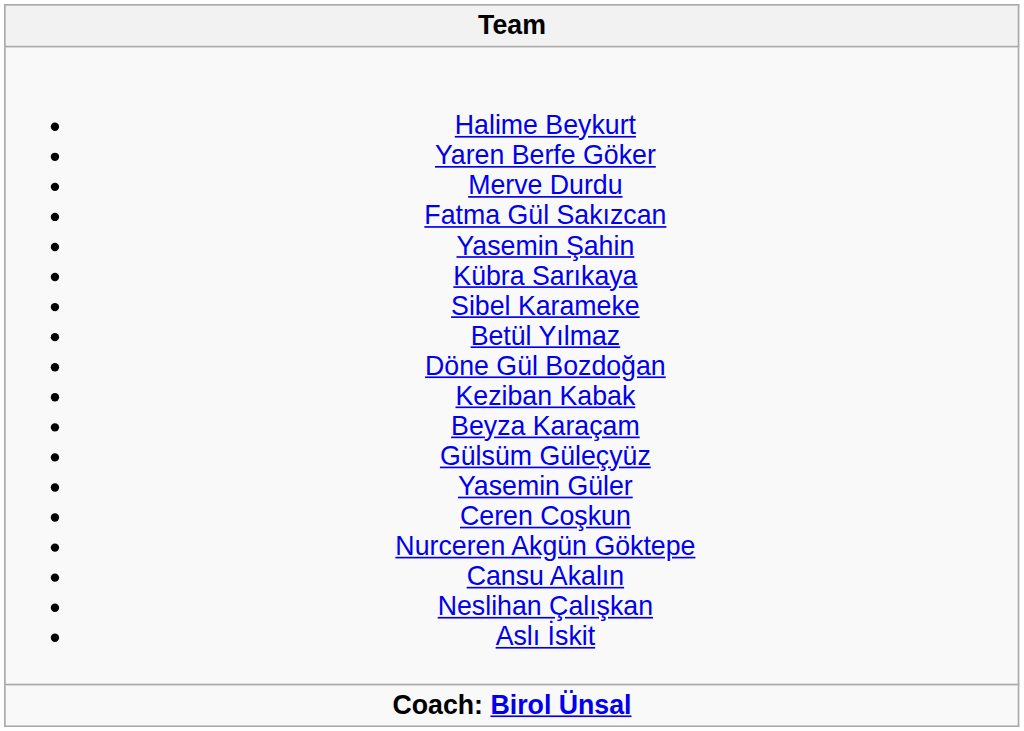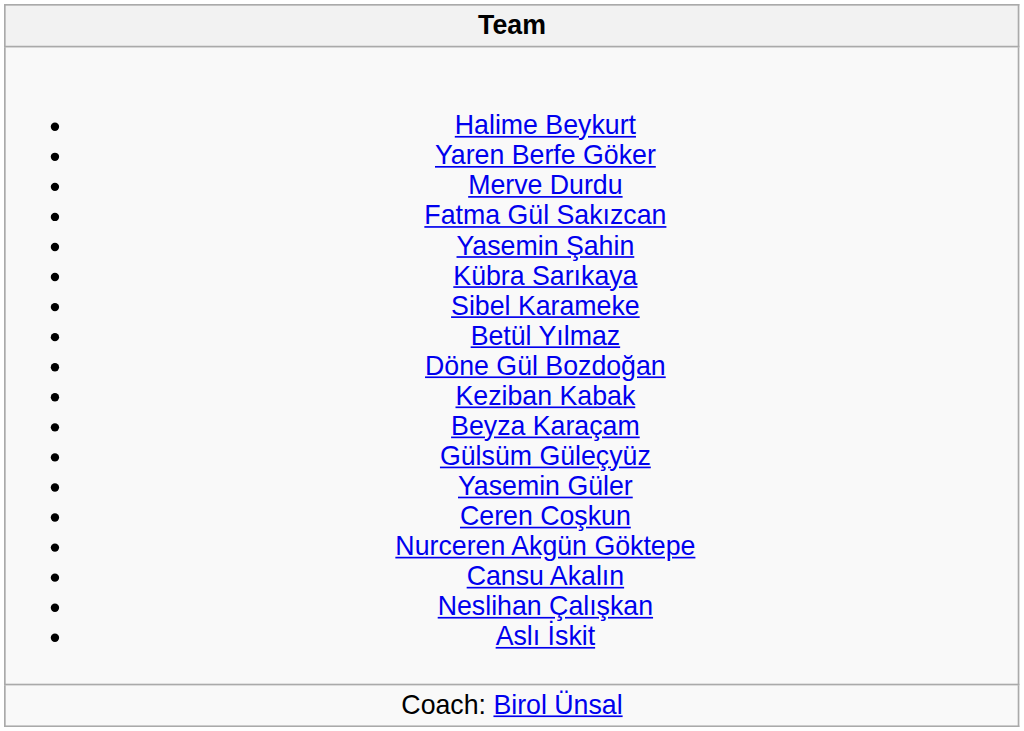 <table class="wikitable" style="text-align: center;">
 <tr>
 <th width=600>Team</th>
 </tr>
 <tr>
 <td><br><ul><li><a href='#'>Halime Beykurt</a></li><li><a href='#'>Yaren Berfe Göker</a></li><li><a href='#'>Merve Durdu</a></li><li><a href='#'>Fatma Gül Sakızcan</a></li><li><a href='#'>Yasemin Şahin</a></li><li><a href='#'>Kübra Sarıkaya</a></li><li><a href='#'>Sibel Karameke</a></li><li><a href='#'>Betül Yılmaz</a></li><li><a href='#'>Döne Gül Bozdoğan</a></li><li><a href='#'>Keziban Kabak</a></li><li><a href='#'>Beyza Karaçam</a></li><li><a href='#'>Gülsüm Güleçyüz</a></li><li><a href='#'>Yasemin Güler</a></li><li><a href='#'>Ceren Coşkun</a></li><li><a href='#'>Nurceren Akgün Göktepe</a></li><li><a href='#'>Cansu Akalın</a></li><li><a href='#'>Neslihan Çalışkan</a></li><li><a href='#'>Aslı İskit</a></li></ul></td>
 </tr>
 <tr>
-<td><strong>Coach:  <a href='#'>Birol Ünsal</a></strong></td>
+<td>Coach:  <a href='#'>Birol Ünsal</a></td>
 </tr>
 </table>
